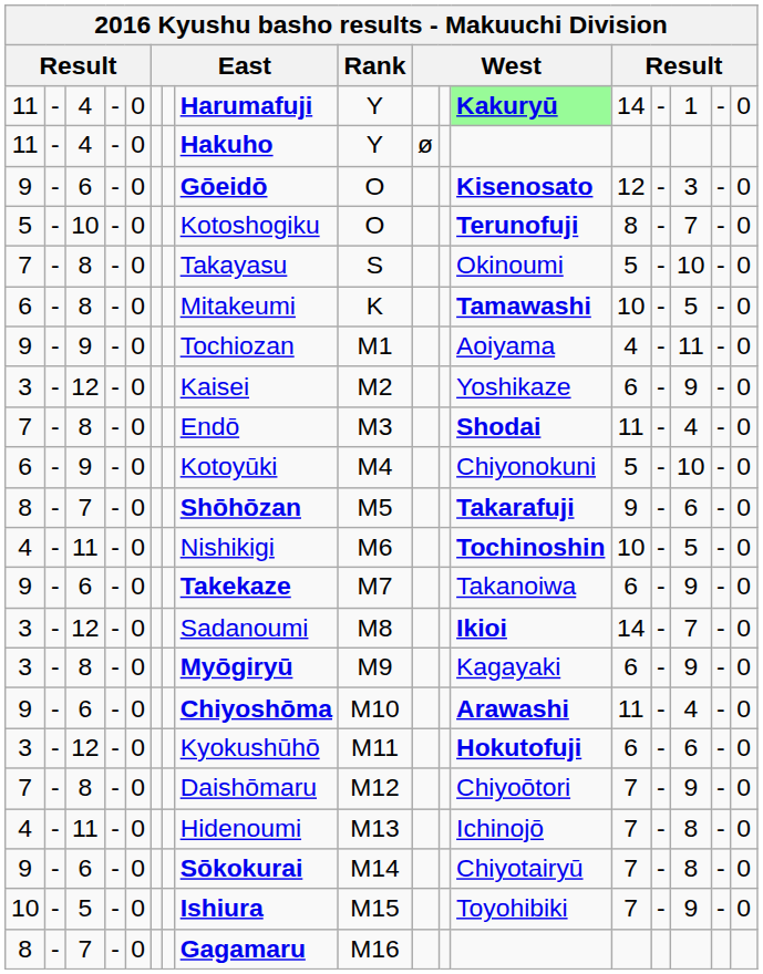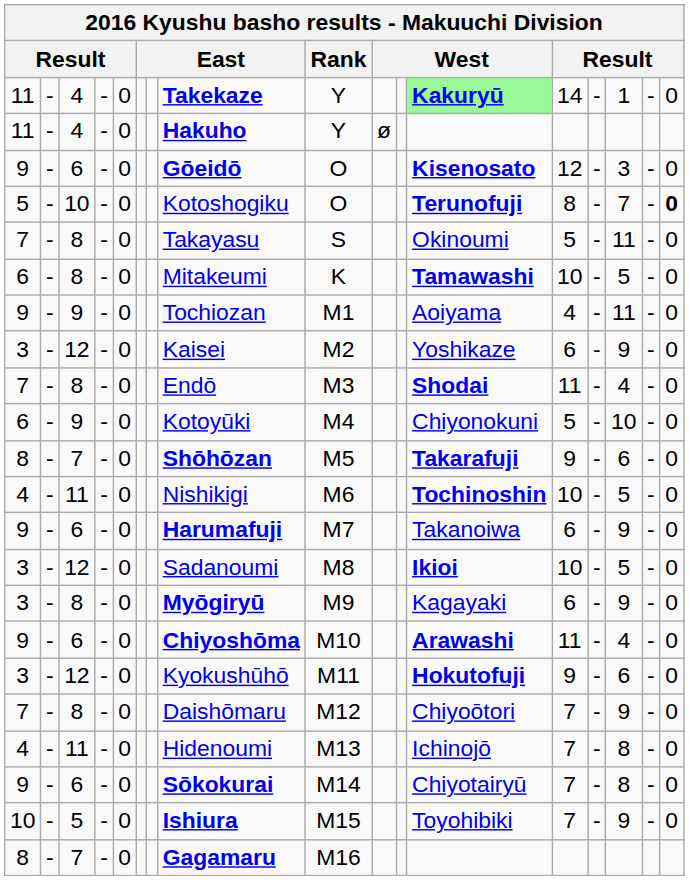 <table class="wikitable">
 <tr>
 <th colspan="17">2016 Kyushu basho results - Makuuchi Division</th>
 </tr>
 <tr>
 <th colspan="5">Result</th>
 <th colspan="3">East</th>
 <th>Rank</th>
 <th colspan="3">West</th>
 <th colspan="5">Result</th>
 </tr>
 <tr>
 <td align=center>11</td>
 <td align=center>-</td>
 <td align=center>4</td>
 <td align=center>-</td>
 <td align=center>0</td>
 <td align=center></td>
 <td align=center></td>
-<td><strong><a href='#'>Harumafuji</a></strong></td>
+<td><strong><a href='#'>Takekaze</a></strong></td>
 <td align=center>Y</td>
 <td align=center></td>
 <td align=center></td>
 <td style="background: PaleGreen;"><strong><a href='#'>Kakuryū</a></strong></td>
 <td align=center>14</td>
 <td align=center>-</td>
 <td align=center>1</td>
 <td align=center>-</td>
 <td align=center>0</td>
 </tr>
 <tr>
 <td align=center>11</td>
 <td align=center>-</td>
 <td align=center>4</td>
 <td align=center>-</td>
 <td align=center>0</td>
 <td align=center></td>
 <td align=center></td>
 <td><strong><a href='#'>Hakuho</a></strong></td>
 <td align=center>Y</td>
 <td align=center>ø</td>
 <td align=center></td>
 <td></td>
 <td align=center></td>
 <td align=center></td>
 <td align=center></td>
 <td align=center></td>
 <td align=center></td>
 </tr>
 <tr>
 <td align=center>9</td>
 <td align=center>-</td>
 <td align=center>6</td>
 <td align=center>-</td>
 <td align=center>0</td>
 <td align=center></td>
 <td align=center></td>
 <td><strong><a href='#'>Gōeidō</a></strong></td>
 <td align=center>O</td>
 <td align=center></td>
 <td align=center></td>
 <td><strong><a href='#'>Kisenosato</a></strong></td>
 <td align=center>12</td>
 <td align=center>-</td>
 <td align=center>3</td>
 <td align=center>-</td>
 <td align=center>0</td>
 </tr>
 <tr>
 <td align=center>5</td>
 <td align=center>-</td>
 <td align=center>10</td>
 <td align=center>-</td>
 <td align=center>0</td>
 <td align=center></td>
 <td align=center></td>
 <td><a href='#'>Kotoshogiku</a></td>
 <td align=center>O</td>
 <td align=center></td>
 <td align=center></td>
 <td><strong><a href='#'>Terunofuji</a></strong></td>
 <td align=center>8</td>
 <td align=center>-</td>
 <td align=center>7</td>
 <td align=center>-</td>
-<td align=center>0</td>
+<td align=center><strong>0</strong></td>
 </tr>
 <tr>
 <td align=center>7</td>
 <td align=center>-</td>
 <td align=center>8</td>
 <td align=center>-</td>
 <td align=center>0</td>
 <td align=center></td>
 <td align=center></td>
 <td><a href='#'>Takayasu</a></td>
 <td align=center>S</td>
 <td align=center></td>
 <td align=center></td>
 <td><a href='#'>Okinoumi</a></td>
 <td align=center>5</td>
 <td align=center>-</td>
-<td align=center>10</td>
+<td align=center>11</td>
 <td align=center>-</td>
 <td align=center>0</td>
 </tr>
 <tr>
 <td align=center>6</td>
 <td align=center>-</td>
 <td align=center>8</td>
 <td align=center>-</td>
 <td align=center>0</td>
 <td align=center></td>
 <td align=center></td>
 <td><a href='#'>Mitakeumi</a></td>
 <td align=center>K</td>
 <td align=center></td>
 <td align=center></td>
 <td><strong><a href='#'>Tamawashi</a></strong></td>
 <td align=center>10</td>
 <td align=center>-</td>
 <td align=center>5</td>
 <td align=center>-</td>
 <td align=center>0</td>
 </tr>
 <tr>
 <td align=center>9</td>
 <td align=center>-</td>
 <td align=center>9</td>
 <td align=center>-</td>
 <td align=center>0</td>
 <td align=center></td>
 <td align=center></td>
 <td><a href='#'>Tochiozan</a></td>
 <td align=center>M1</td>
 <td align=center></td>
 <td align=center></td>
 <td><a href='#'>Aoiyama</a></td>
 <td align=center>4</td>
 <td align=center>-</td>
 <td align=center>11</td>
 <td align=center>-</td>
 <td align=center>0</td>
 </tr>
 <tr>
 <td align=center>3</td>
 <td align=center>-</td>
 <td align=center>12</td>
 <td align=center>-</td>
 <td align=center>0</td>
 <td align=center></td>
 <td align=center></td>
 <td><a href='#'>Kaisei</a></td>
 <td align=center>M2</td>
 <td align=center></td>
 <td align=center></td>
 <td><a href='#'>Yoshikaze</a></td>
 <td align=center>6</td>
 <td align=center>-</td>
 <td align=center>9</td>
 <td align=center>-</td>
 <td align=center>0</td>
 </tr>
 <tr>
 <td align=center>7</td>
 <td align=center>-</td>
 <td align=center>8</td>
 <td align=center>-</td>
 <td align=center>0</td>
 <td align=center></td>
 <td align=center></td>
 <td><a href='#'>Endō</a></td>
 <td align=center>M3</td>
 <td align=center></td>
 <td align=center></td>
 <td><strong><a href='#'>Shodai</a></strong></td>
 <td align=center>11</td>
 <td align=center>-</td>
 <td align=center>4</td>
 <td align=center>-</td>
 <td align=center>0</td>
 </tr>
 <tr>
 <td align=center>6</td>
 <td align=center>-</td>
 <td align=center>9</td>
 <td align=center>-</td>
 <td align=center>0</td>
 <td align=center></td>
 <td align=center></td>
 <td><a href='#'>Kotoyūki</a></td>
 <td align=center>M4</td>
 <td align=center></td>
 <td align=center></td>
 <td><a href='#'>Chiyonokuni</a></td>
 <td align=center>5</td>
 <td align=center>-</td>
 <td align=center>10</td>
 <td align=center>-</td>
 <td align=center>0</td>
 </tr>
 <tr>
 <td align=center>8</td>
 <td align=center>-</td>
 <td align=center>7</td>
 <td align=center>-</td>
 <td align=center>0</td>
 <td align=center></td>
 <td align=center></td>
 <td><strong><a href='#'>Shōhōzan</a></strong></td>
 <td align=center>M5</td>
 <td align=center></td>
 <td align=center></td>
 <td><strong><a href='#'>Takarafuji</a></strong></td>
 <td align=center>9</td>
 <td align=center>-</td>
 <td align=center>6</td>
 <td align=center>-</td>
 <td align=center>0</td>
 </tr>
 <tr>
 <td align=center>4</td>
 <td align=center>-</td>
 <td align=center>11</td>
 <td align=center>-</td>
 <td align=center>0</td>
 <td align=center></td>
 <td align=center></td>
 <td><a href='#'>Nishikigi</a></td>
 <td align=center>M6</td>
 <td align=center></td>
 <td align=center></td>
 <td><strong><a href='#'>Tochinoshin</a></strong></td>
 <td align=center>10</td>
 <td align=center>-</td>
 <td align=center>5</td>
 <td align=center>-</td>
 <td align=center>0</td>
 </tr>
 <tr>
 <td align=center>9</td>
 <td align=center>-</td>
 <td align=center>6</td>
 <td align=center>-</td>
 <td align=center>0</td>
 <td align=center></td>
 <td align=center></td>
-<td><strong><a href='#'>Takekaze</a></strong></td>
+<td><strong><a href='#'>Harumafuji</a></strong></td>
 <td align=center>M7</td>
 <td align=center></td>
 <td align=center></td>
 <td><a href='#'>Takanoiwa</a></td>
 <td align=center>6</td>
 <td align=center>-</td>
 <td align=center>9</td>
 <td align=center>-</td>
 <td align=center>0</td>
 </tr>
 <tr>
 <td align=center>3</td>
 <td align=center>-</td>
 <td align=center>12</td>
 <td align=center>-</td>
 <td align=center>0</td>
 <td align=center></td>
 <td align=center></td>
 <td><a href='#'>Sadanoumi</a></td>
 <td align=center>M8</td>
 <td align=center></td>
 <td align=center></td>
 <td><strong><a href='#'>Ikioi</a></strong></td>
-<td align=center>14</td>
+<td align=center>10</td>
 <td align=center>-</td>
-<td align=center>7</td>
+<td align=center>5</td>
 <td align=center>-</td>
 <td align=center>0</td>
 </tr>
 <tr>
 <td align=center>3</td>
 <td align=center>-</td>
 <td align=center>8</td>
 <td align=center>-</td>
 <td align=center>0</td>
 <td align=center></td>
 <td align=center></td>
 <td><strong><a href='#'>Myōgiryū</a></strong></td>
 <td align=center>M9</td>
 <td align=center></td>
 <td align=center></td>
 <td><a href='#'>Kagayaki</a></td>
 <td align=center>6</td>
 <td align=center>-</td>
 <td align=center>9</td>
 <td align=center>-</td>
 <td align=center>0</td>
 </tr>
 <tr>
 <td align=center>9</td>
 <td align=center>-</td>
 <td align=center>6</td>
 <td align=center>-</td>
 <td align=center>0</td>
 <td align=center></td>
 <td align=center></td>
 <td><strong><a href='#'>Chiyoshōma</a></strong></td>
 <td align=center>M10</td>
 <td align=center></td>
 <td align=center></td>
 <td><strong><a href='#'>Arawashi</a></strong></td>
 <td align=center>11</td>
 <td align=center>-</td>
 <td align=center>4</td>
 <td align=center>-</td>
 <td align=center>0</td>
 </tr>
 <tr>
 <td align=center>3</td>
 <td align=center>-</td>
 <td align=center>12</td>
 <td align=center>-</td>
 <td align=center>0</td>
 <td align=center></td>
 <td align=center></td>
 <td><a href='#'>Kyokushūhō</a></td>
 <td align=center>M11</td>
 <td align=center></td>
 <td align=center></td>
 <td><strong><a href='#'>Hokutofuji</a></strong></td>
-<td align=center>6</td>
+<td align=center>9</td>
 <td align=center>-</td>
 <td align=center>6</td>
 <td align=center>-</td>
 <td align=center>0</td>
 </tr>
 <tr>
 <td align=center>7</td>
 <td align=center>-</td>
 <td align=center>8</td>
 <td align=center>-</td>
 <td align=center>0</td>
 <td align=center></td>
 <td align=center></td>
 <td><a href='#'>Daishōmaru</a></td>
 <td align=center>M12</td>
 <td align=center></td>
 <td align=center></td>
 <td><a href='#'>Chiyoōtori</a></td>
 <td align=center>7</td>
 <td align=center>-</td>
 <td align=center>9</td>
 <td align=center>-</td>
 <td align=center>0</td>
 </tr>
 <tr>
 <td align=center>4</td>
 <td align=center>-</td>
 <td align=center>11</td>
 <td align=center>-</td>
 <td align=center>0</td>
 <td align=center></td>
 <td align=center></td>
 <td><a href='#'>Hidenoumi</a></td>
 <td align=center>M13</td>
 <td align=center></td>
 <td align=center></td>
 <td><a href='#'>Ichinojō</a></td>
 <td align=center>7</td>
 <td align=center>-</td>
 <td align=center>8</td>
 <td align=center>-</td>
 <td align=center>0</td>
 </tr>
 <tr>
 <td align=center>9</td>
 <td align=center>-</td>
 <td align=center>6</td>
 <td align=center>-</td>
 <td align=center>0</td>
 <td align=center></td>
 <td align=center></td>
 <td><strong><a href='#'>Sōkokurai</a></strong></td>
 <td align=center>M14</td>
 <td align=center></td>
 <td align=center></td>
 <td><a href='#'>Chiyotairyū</a></td>
 <td align=center>7</td>
 <td align=center>-</td>
 <td align=center>8</td>
 <td align=center>-</td>
 <td align=center>0</td>
 </tr>
 <tr>
 <td align=center>10</td>
 <td align=center>-</td>
 <td align=center>5</td>
 <td align=center>-</td>
 <td align=center>0</td>
 <td align=center></td>
 <td align=center></td>
 <td><strong><a href='#'>Ishiura</a></strong></td>
 <td align=center>M15</td>
 <td align=center></td>
 <td align=center></td>
 <td><a href='#'>Toyohibiki</a></td>
 <td align=center>7</td>
 <td align=center>-</td>
 <td align=center>9</td>
 <td align=center>-</td>
 <td align=center>0</td>
 </tr>
 <tr>
 <td align=center>8</td>
 <td align=center>-</td>
 <td align=center>7</td>
 <td align=center>-</td>
 <td align=center>0</td>
 <td align=center></td>
 <td align=center></td>
 <td><strong><a href='#'>Gagamaru</a></strong></td>
 <td align=center>M16</td>
 <td align=center></td>
 <td align=center></td>
 <td></td>
 <td align=center></td>
 <td align=center></td>
 <td align=center></td>
 <td align=center></td>
 <td align=center></td>
 </tr>
 </table>
